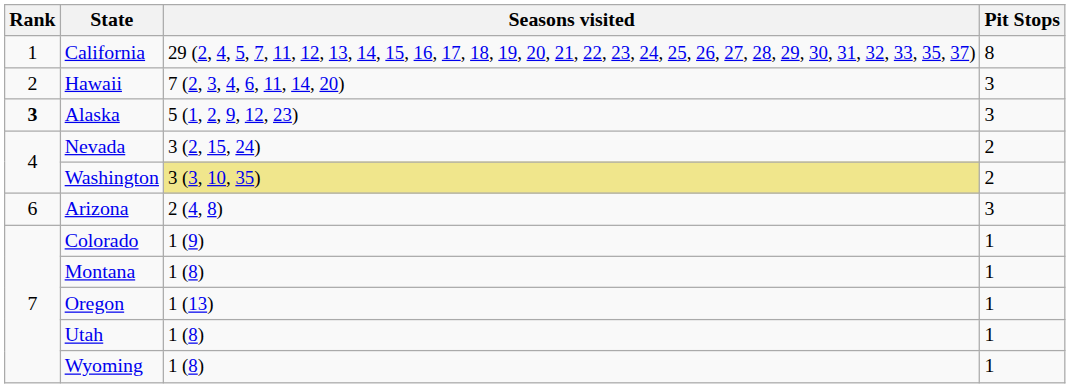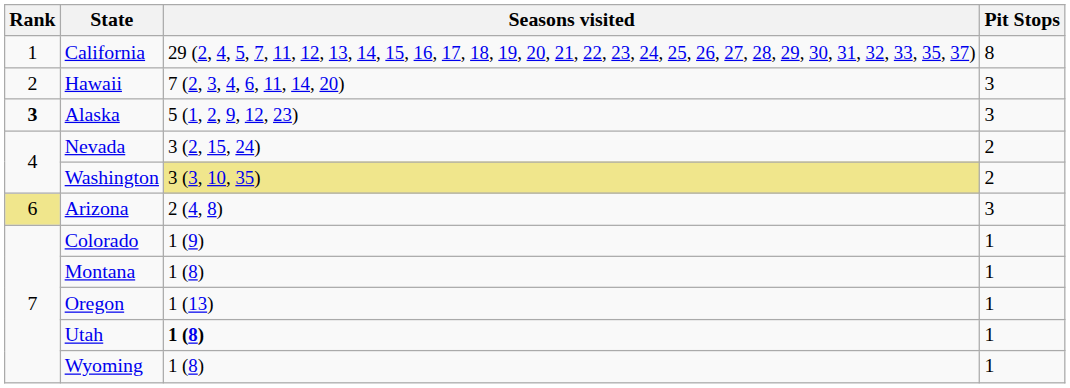 <table class="wikitable">
 <tr>
 <th>Rank</th>
 <th>State</th>
 <th>Seasons visited</th>
 <th>Pit Stops</th>
 </tr>
 <tr>
 <td style="text-align:center;">1</td>
 <td><a href='#'>California</a></td>
 <td style="font-size:95%">29 (<a href='#'>2</a>, <a href='#'>4</a>, <a href='#'>5</a>, <a href='#'>7</a>, <a href='#'>11</a>, <a href='#'>12</a>, <a href='#'>13</a>, <a href='#'>14</a>, <a href='#'>15</a>, <a href='#'>16</a>, <a href='#'>17</a>, <a href='#'>18</a>, <a href='#'>19</a>, <a href='#'>20</a>, <a href='#'>21</a>, <a href='#'>22</a>, <a href='#'>23</a>, <a href='#'>24</a>, <a href='#'>25</a>, <a href='#'>26</a>, <a href='#'>27</a>, <a href='#'>28</a>, <a href='#'>29</a>, <a href='#'>30</a>, <a href='#'>31</a>, <a href='#'>32</a>, <a href='#'>33</a>, <a href='#'>35</a>, <a href='#'>37</a>)</td>
 <td>8</td>
 </tr>
 <tr>
 <td style="text-align:center;">2</td>
 <td><a href='#'>Hawaii</a></td>
 <td style="font-size:95%">7 (<a href='#'>2</a>, <a href='#'>3</a>, <a href='#'>4</a>, <a href='#'>6</a>, <a href='#'>11</a>, <a href='#'>14</a>, <a href='#'>20</a>)</td>
 <td>3</td>
 </tr>
 <tr>
 <td style="text-align:center;"><strong>3</strong></td>
 <td><a href='#'>Alaska</a></td>
 <td style="font-size:95%">5 (<a href='#'>1</a>, <a href='#'>2</a>, <a href='#'>9</a>, <a href='#'>12</a>, <a href='#'>23</a>)</td>
 <td>3</td>
 </tr>
 <tr>
 <td rowspan="2" style="text-align:center;">4</td>
 <td><a href='#'>Nevada</a></td>
 <td style="font-size:95%">3 (<a href='#'>2</a>, <a href='#'>15</a>, <a href='#'>24</a>)</td>
 <td>2</td>
 </tr>
 <tr>
 <td><a href='#'>Washington</a></td>
 <td style="background: khaki; font-size:95%">3 (<a href='#'>3</a>, <a href='#'>10</a>, <a href='#'>35</a>)</td>
 <td>2</td>
 </tr>
 <tr>
-<td rowspan="1" style="text-align:center;">6</td>
+<td rowspan="1" style="background: khaki; text-align:center;">6</td>
 <td><a href='#'>Arizona</a></td>
 <td style="font-size:95%">2 (<a href='#'>4</a>, <a href='#'>8</a>)</td>
 <td>3</td>
 </tr>
 <tr>
 <td rowspan="5" style="text-align:center;">7</td>
 <td><a href='#'>Colorado</a></td>
 <td style="font-size:95%">1 (<a href='#'>9</a>)</td>
 <td>1</td>
 </tr>
 <tr>
 <td><a href='#'>Montana</a></td>
 <td style="font-size:95%">1 (<a href='#'>8</a>)</td>
 <td>1</td>
 </tr>
 <tr>
 <td><a href='#'>Oregon</a></td>
 <td style="font-size:95%">1 (<a href='#'>13</a>)</td>
 <td>1</td>
 </tr>
 <tr>
 <td><a href='#'>Utah</a></td>
-<td style="font-size:95%">1 (<a href='#'>8</a>)</td>
+<td style="font-size:95%"><strong>1 (<a href='#'>8</a>)</strong></td>
 <td>1</td>
 </tr>
 <tr>
 <td><a href='#'>Wyoming</a></td>
 <td style="font-size:95%">1 (<a href='#'>8</a>)</td>
 <td>1</td>
 </tr>
 </table>
